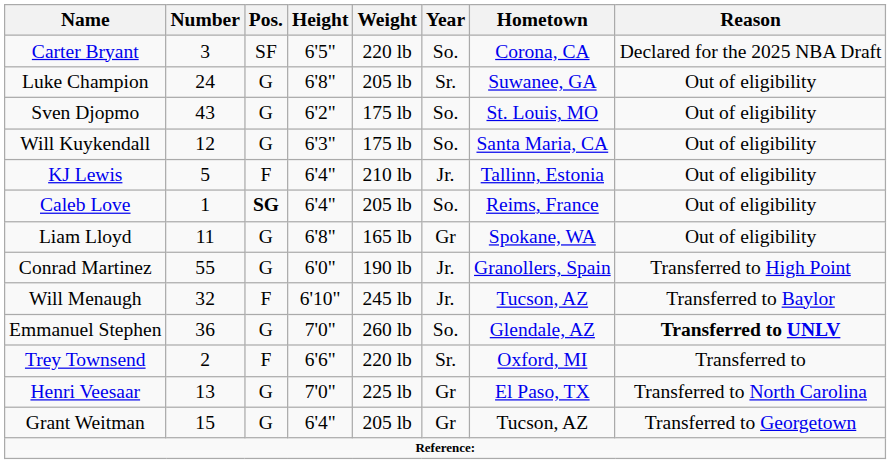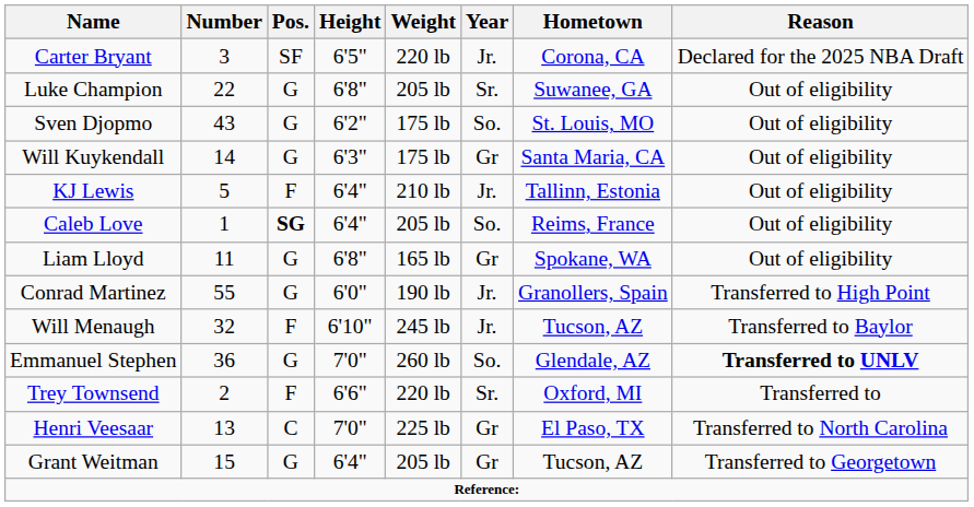 <table class="wikitable sortable" style="text-align: center">
 <tr align=center>
 <th>Name</th>
 <th>Number</th>
 <th>Pos.</th>
 <th>Height</th>
 <th>Weight</th>
 <th>Year</th>
 <th>Hometown</th>
 <th>Reason</th>
 </tr>
 <tr>
 <td><a href='#'>Carter Bryant</a></td>
 <td>3</td>
 <td>SF</td>
 <td>6'5"</td>
 <td>220 lb</td>
-<td>So.</td>
+<td>Jr.</td>
 <td><a href='#'>Corona, CA</a></td>
 <td>Declared for the 2025 NBA Draft</td>
 </tr>
 <tr>
 <td>Luke Champion</td>
-<td>24</td>
+<td>22</td>
 <td>G</td>
 <td>6'8"</td>
 <td>205 lb</td>
 <td>Sr.</td>
 <td><a href='#'>Suwanee, GA</a></td>
 <td>Out of eligibility</td>
 </tr>
 <tr>
 <td>Sven Djopmo</td>
 <td>43</td>
 <td>G</td>
 <td>6'2"</td>
 <td>175 lb</td>
 <td>So.</td>
 <td><a href='#'>St. Louis, MO</a></td>
 <td>Out of eligibility</td>
 </tr>
 <tr>
 <td>Will Kuykendall</td>
-<td>12</td>
+<td>14</td>
 <td>G</td>
 <td>6'3"</td>
 <td>175 lb</td>
-<td>So.</td>
+<td>Gr</td>
 <td><a href='#'>Santa Maria, CA</a></td>
 <td>Out of eligibility</td>
 </tr>
 <tr>
 <td><a href='#'>KJ Lewis</a></td>
 <td>5</td>
 <td>F</td>
 <td>6'4"</td>
 <td>210 lb</td>
 <td>Jr.</td>
 <td><a href='#'>Tallinn, Estonia</a></td>
 <td>Out of eligibility</td>
 </tr>
 <tr>
 <td><a href='#'>Caleb Love</a></td>
 <td>1</td>
 <td><strong>SG</strong></td>
 <td>6'4"</td>
 <td>205 lb</td>
 <td>So.</td>
 <td><a href='#'>Reims, France</a></td>
 <td>Out of eligibility</td>
 </tr>
 <tr>
 <td>Liam Lloyd</td>
 <td>11</td>
 <td>G</td>
 <td>6'8"</td>
 <td>165 lb</td>
 <td>Gr</td>
 <td><a href='#'>Spokane, WA</a></td>
 <td>Out of eligibility</td>
 </tr>
 <tr>
 <td>Conrad Martinez</td>
 <td>55</td>
 <td>G</td>
 <td>6'0"</td>
 <td>190 lb</td>
 <td>Jr.</td>
 <td><a href='#'>Granollers, Spain</a></td>
 <td>Transferred to <a href='#'>High Point</a></td>
 </tr>
 <tr>
 <td>Will Menaugh</td>
 <td>32</td>
 <td>F</td>
 <td>6'10"</td>
 <td>245 lb</td>
 <td>Jr.</td>
 <td><a href='#'>Tucson, AZ</a></td>
 <td>Transferred to <a href='#'>Baylor</a></td>
 </tr>
 <tr>
 <td>Emmanuel Stephen</td>
 <td>36</td>
 <td>G</td>
 <td>7'0"</td>
 <td>260 lb</td>
 <td>So.</td>
 <td><a href='#'>Glendale, AZ</a></td>
 <td><strong>Transferred to <a href='#'>UNLV</a></strong></td>
 </tr>
 <tr>
 <td><a href='#'>Trey Townsend</a></td>
 <td>2</td>
 <td>F</td>
 <td>6'6"</td>
 <td>220 lb</td>
 <td>Sr.</td>
 <td><a href='#'>Oxford, MI</a></td>
 <td>Transferred to</td>
 </tr>
 <tr>
 <td><a href='#'>Henri Veesaar</a></td>
 <td>13</td>
-<td>G</td>
+<td>C</td>
 <td>7'0"</td>
 <td>225 lb</td>
 <td>Gr</td>
 <td><a href='#'>El Paso, TX</a></td>
 <td>Transferred to <a href='#'>North Carolina</a></td>
 </tr>
 <tr>
 <td>Grant Weitman</td>
 <td>15</td>
 <td>G</td>
 <td>6'4"</td>
 <td>205 lb</td>
 <td>Gr</td>
 <td>Tucson, AZ</td>
 <td>Transferred to <a href='#'>Georgetown</a></td>
 </tr>
 <tr>
 <td colspan="8" style="font-size:8pt; text-align:center;"><strong>Reference:</strong></td>
 </tr>
 </table>
